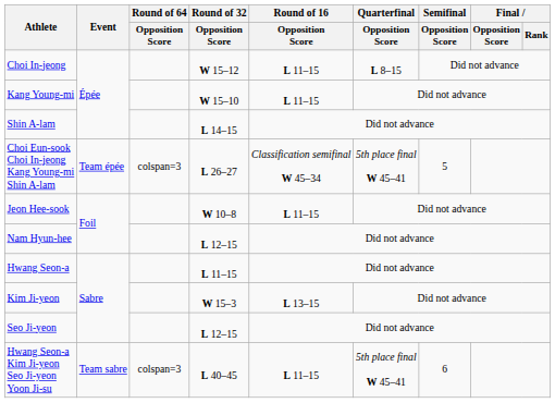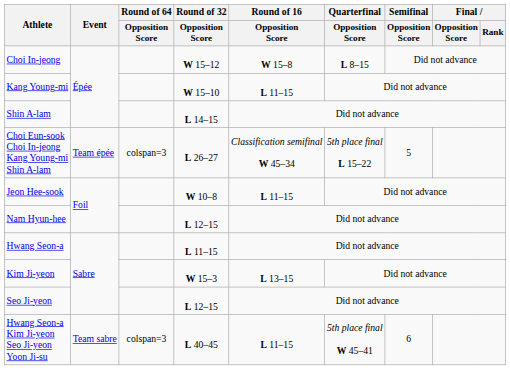 <table class="wikitable" style="font-size:90%">
 <tr>
 <th rowspan=2>Athlete</th>
 <th rowspan=2>Event</th>
 <th>Round of 64</th>
 <th>Round of 32</th>
 <th>Round of 16</th>
 <th>Quarterfinal</th>
 <th>Semifinal</th>
 <th colspan=2>Final / </th>
 </tr>
 <tr style="font-size:95%">
 <th>Opposition<br>Score</th>
 <th>Opposition<br>Score</th>
 <th>Opposition<br>Score</th>
 <th>Opposition<br>Score</th>
 <th>Opposition<br>Score</th>
 <th>Opposition<br>Score</th>
 <th>Rank</th>
 </tr>
 <tr align=center>
 <td align=left><a href='#'>Choi In-jeong</a></td>
 <td align=left rowspan=3><a href='#'>Épée</a></td>
 <td></td>
 <td><br><strong>W</strong> 15–12</td>
-<td><br><strong>L</strong> 11–15</td>
+<td><br><strong>W</strong> 15–8</td>
 <td><br><strong>L</strong> 8–15</td>
 <td colspan=3>Did not advance</td>
 </tr>
 <tr align=center>
 <td align=left><a href='#'>Kang Young-mi</a></td>
 <td></td>
 <td><br><strong>W</strong> 15–10</td>
 <td><br><strong>L</strong> 11–15</td>
 <td colspan=4>Did not advance</td>
 </tr>
 <tr align=center>
 <td align=left><a href='#'>Shin A-lam</a></td>
 <td></td>
 <td><br><strong>L</strong> 14–15</td>
 <td colspan=5>Did not advance</td>
 </tr>
 <tr align=center>
 <td align=left><a href='#'>Choi Eun-sook</a><br><a href='#'>Choi In-jeong</a><br><a href='#'>Kang Young-mi</a><br><a href='#'>Shin A-lam</a></td>
 <td align=left><a href='#'>Team épée</a></td>
 <td>colspan=3 </td>
 <td><br><strong>L</strong> 26–27</td>
 <td><em>Classification semifinal</em><br><br><strong>W</strong> 45–34</td>
-<td><em>5th place final</em><br><br><strong>W</strong> 45–41</td>
+<td><em>5th place final</em><br><br><strong>L</strong> 15–22</td>
 <td>5</td>
 </tr>
 <tr align=center>
 <td align=left><a href='#'>Jeon Hee-sook</a></td>
 <td align=left rowspan=2><a href='#'>Foil</a></td>
 <td></td>
 <td><br><strong>W</strong> 10–8</td>
 <td><br><strong>L</strong> 11–15</td>
 <td colspan=4>Did not advance</td>
 </tr>
 <tr align=center>
 <td align=left><a href='#'>Nam Hyun-hee</a></td>
 <td></td>
 <td><br><strong>L</strong> 12–15</td>
 <td colspan=5>Did not advance</td>
 </tr>
 <tr align=center>
 <td align=left><a href='#'>Hwang Seon-a</a></td>
 <td align=left rowspan=3><a href='#'>Sabre</a></td>
 <td></td>
 <td><br> <strong>L</strong> 11–15</td>
 <td colspan=5>Did not advance</td>
 </tr>
 <tr align=center>
 <td align=left><a href='#'>Kim Ji-yeon</a></td>
 <td></td>
 <td><br><strong>W</strong> 15–3</td>
 <td><br><strong>L</strong> 13–15</td>
 <td colspan=4>Did not advance</td>
 </tr>
 <tr align=center>
 <td align=left><a href='#'>Seo Ji-yeon</a></td>
 <td></td>
 <td><br> <strong>L</strong> 12–15</td>
 <td colspan=5>Did not advance</td>
 </tr>
 <tr align=center>
 <td align=left><a href='#'>Hwang Seon-a</a><br><a href='#'>Kim Ji-yeon</a><br><a href='#'>Seo Ji-yeon</a><br><a href='#'>Yoon Ji-su</a></td>
 <td align=left><a href='#'>Team sabre</a></td>
 <td>colspan=3 </td>
 <td><br><strong>L</strong> 40–45</td>
 <td><br><strong>L</strong> 11–15</td>
 <td><em>5th place final</em><br><br><strong>W</strong> 45–41</td>
 <td>6</td>
 </tr>
 </table>
